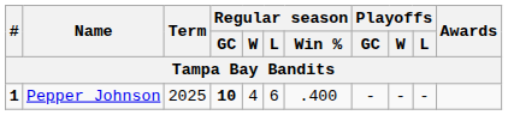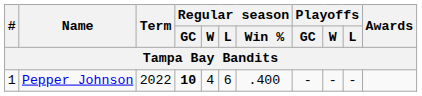 <table class="wikitable" style="text-align:center">
 <tr>
 <th rowspan="2">#</th>
 <th rowspan="2">Name</th>
 <th rowspan="2">Term</th>
 <th colspan="4">Regular season</th>
 <th colspan="3">Playoffs</th>
 <th rowspan="2">Awards</th>
 </tr>
 <tr>
 <th>GC</th>
 <th>W</th>
 <th>L</th>
 <th>Win %</th>
 <th>GC</th>
 <th>W</th>
 <th>L</th>
 </tr>
 <tr>
 <th colspan="11">Tampa Bay Bandits</th>
 </tr>
 <tr>
-<td><strong>1</strong></td>
+<td>1</td>
 <td><a href='#'>Pepper Johnson</a></td>
-<td>2025</td>
+<td>2022</td>
 <td><strong>10</strong></td>
 <td>4</td>
 <td>6</td>
 <td>.400</td>
 <td>-</td>
 <td>-</td>
 <td>-</td>
 <td></td>
 </tr>
 </table>
